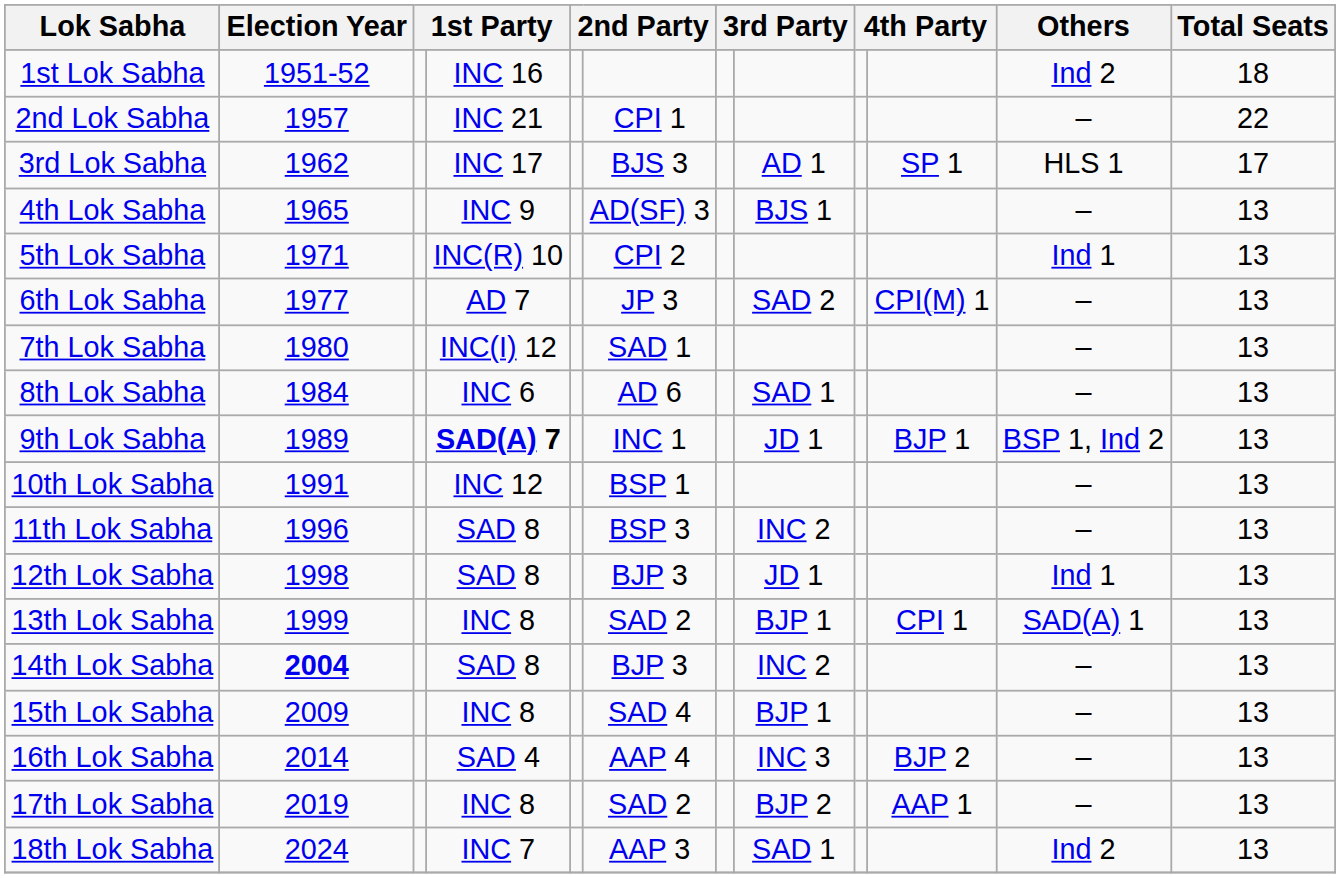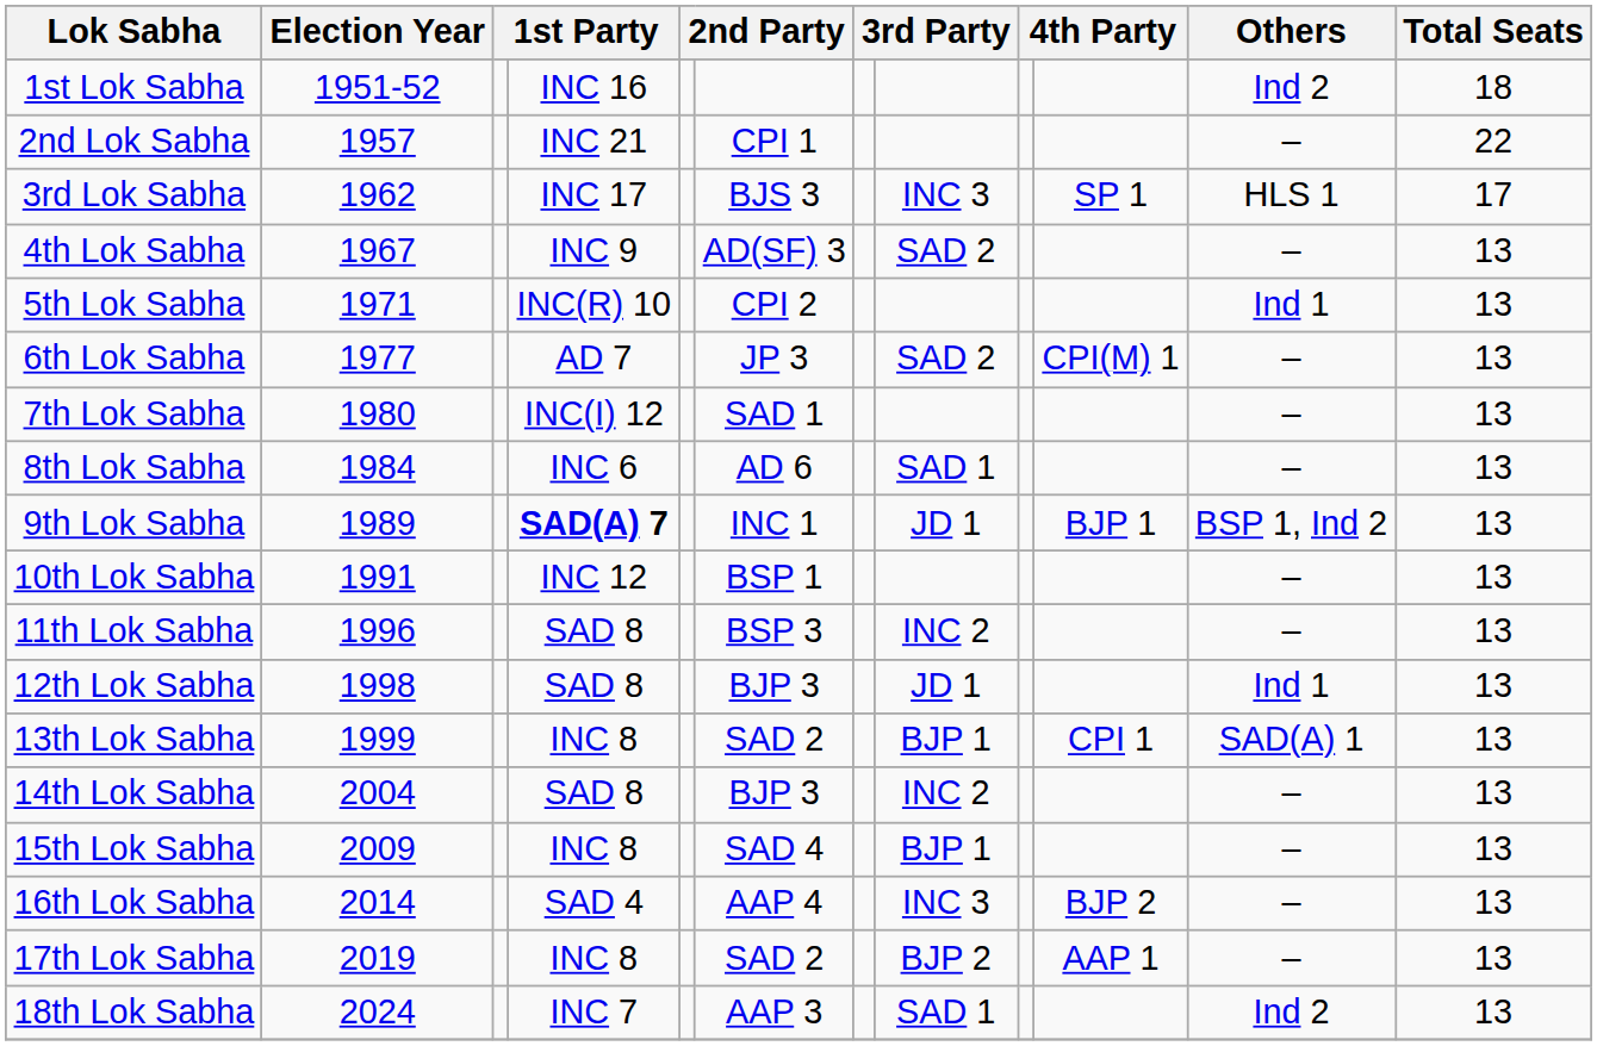 <table class="wikitable sortable" style="text-align:center">
 <tr>
 <th>Lok Sabha</th>
 <th>Election Year</th>
 <th colspan="2">1st Party</th>
 <th colspan="2">2nd Party</th>
 <th colspan="2">3rd Party</th>
 <th colspan="2">4th Party</th>
 <th>Others</th>
 <th>Total Seats</th>
 </tr>
 <tr>
 <td><a href='#'>1st Lok Sabha</a></td>
 <td><a href='#'>1951-52</a></td>
 <td style="background-color: "></td>
 <td><a href='#'>INC</a> 16</td>
 <td></td>
 <td></td>
 <td></td>
 <td></td>
 <td></td>
 <td></td>
 <td><a href='#'>Ind</a> 2</td>
 <td>18</td>
 </tr>
 <tr>
 <td><a href='#'>2nd Lok Sabha</a></td>
 <td><a href='#'>1957</a></td>
 <td style="background-color: "></td>
 <td><a href='#'>INC</a> 21</td>
 <td style="background-color:"></td>
 <td><a href='#'>CPI</a> 1</td>
 <td></td>
 <td></td>
 <td></td>
 <td></td>
 <td>–</td>
 <td>22</td>
 </tr>
 <tr>
 <td><a href='#'>3rd Lok Sabha</a></td>
 <td><a href='#'>1962</a></td>
 <td style="background-color: "></td>
 <td><a href='#'>INC</a> 17</td>
 <td style="background-color: "></td>
 <td><a href='#'>BJS</a> 3</td>
 <td style="background-color:"></td>
-<td><a href='#'>AD</a> 1</td>
+<td><a href='#'>INC</a> 3</td>
 <td style="background-color:"></td>
 <td><a href='#'>SP</a> 1</td>
 <td>HLS 1</td>
 <td>17</td>
 </tr>
 <tr>
 <td><a href='#'>4th Lok Sabha</a></td>
-<td><a href='#'>1965</a></td>
+<td><a href='#'>1967</a></td>
 <td style="background-color: "></td>
 <td><a href='#'>INC</a> 9</td>
 <td style="background-color:"></td>
 <td><a href='#'>AD(SF)</a> 3</td>
 <td style="background-color: "></td>
-<td><a href='#'>BJS</a> 1</td>
+<td><a href='#'>SAD</a> 2</td>
 <td></td>
 <td></td>
 <td>–</td>
 <td>13</td>
 </tr>
 <tr>
 <td><a href='#'>5th Lok Sabha</a></td>
 <td><a href='#'>1971</a></td>
 <td style="background-color: "></td>
 <td><a href='#'>INC(R)</a> 10</td>
 <td style="background-color:"></td>
 <td><a href='#'>CPI</a> 2</td>
 <td></td>
 <td></td>
 <td></td>
 <td></td>
 <td><a href='#'>Ind</a> 1</td>
 <td>13</td>
 </tr>
 <tr>
 <td><a href='#'>6th Lok Sabha</a></td>
 <td><a href='#'>1977</a></td>
 <td style="background-color:"></td>
 <td><a href='#'>AD</a> 7</td>
 <td style="background-color:"></td>
 <td><a href='#'>JP</a> 3</td>
 <td style="background-color:"></td>
 <td><a href='#'>SAD</a> 2</td>
 <td style="background-color:"></td>
 <td><a href='#'>CPI(M)</a> 1</td>
 <td>–</td>
 <td>13</td>
 </tr>
 <tr>
 <td><a href='#'>7th Lok Sabha</a></td>
 <td><a href='#'>1980</a></td>
 <td style="background-color: "></td>
 <td><a href='#'>INC(I)</a> 12</td>
 <td style="background-color:"></td>
 <td><a href='#'>SAD</a> 1</td>
 <td></td>
 <td></td>
 <td></td>
 <td></td>
 <td>–</td>
 <td>13</td>
 </tr>
 <tr>
 <td><a href='#'>8th Lok Sabha</a></td>
 <td><a href='#'>1984</a></td>
 <td style="background-color: "></td>
 <td><a href='#'>INC</a> 6</td>
 <td style="background-color:"></td>
 <td><a href='#'>AD</a> 6</td>
 <td style="background-color:"></td>
 <td><a href='#'>SAD</a> 1</td>
 <td></td>
 <td></td>
 <td>–</td>
 <td>13</td>
 </tr>
 <tr>
 <td><a href='#'>9th Lok Sabha</a></td>
 <td><a href='#'>1989</a></td>
 <td style="background-color: "></td>
 <td><strong><a href='#'>SAD(A)</a> 7</strong></td>
 <td style="background-color: "></td>
 <td><a href='#'>INC</a> 1</td>
 <td style="background-color:"></td>
 <td><a href='#'>JD</a> 1</td>
 <td style="background-color:"></td>
 <td><a href='#'>BJP</a> 1</td>
 <td><a href='#'>BSP</a> 1, <a href='#'>Ind</a> 2</td>
 <td>13</td>
 </tr>
 <tr>
 <td><a href='#'>10th Lok Sabha</a></td>
 <td><a href='#'>1991</a></td>
 <td style="background-color: "></td>
 <td><a href='#'>INC</a> 12</td>
 <td style="background-color:"></td>
 <td><a href='#'>BSP</a> 1</td>
 <td></td>
 <td></td>
 <td></td>
 <td></td>
 <td>–</td>
 <td>13</td>
 </tr>
 <tr>
 <td><a href='#'>11th Lok Sabha</a></td>
 <td><a href='#'>1996</a></td>
 <td style="background-color:"></td>
 <td><a href='#'>SAD</a> 8</td>
 <td style="background-color:"></td>
 <td><a href='#'>BSP</a> 3</td>
 <td style="background-color: "></td>
 <td><a href='#'>INC</a> 2</td>
 <td></td>
 <td></td>
 <td>–</td>
 <td>13</td>
 </tr>
 <tr>
 <td><a href='#'>12th Lok Sabha</a></td>
 <td><a href='#'>1998</a></td>
 <td style="background-color:"></td>
 <td><a href='#'>SAD</a> 8</td>
 <td style="background-color:"></td>
 <td><a href='#'>BJP</a> 3</td>
 <td style="background-color:"></td>
 <td><a href='#'>JD</a> 1</td>
 <td></td>
 <td></td>
 <td><a href='#'>Ind</a> 1</td>
 <td>13</td>
 </tr>
 <tr>
 <td><a href='#'>13th Lok Sabha</a></td>
 <td><a href='#'>1999</a></td>
 <td style="background-color: "></td>
 <td><a href='#'>INC</a> 8</td>
 <td style="background-color:"></td>
 <td><a href='#'>SAD</a> 2</td>
 <td style="background-color:"></td>
 <td><a href='#'>BJP</a> 1</td>
 <td style="background-color:"></td>
 <td><a href='#'>CPI</a> 1</td>
 <td><a href='#'>SAD(A)</a> 1</td>
 <td>13</td>
 </tr>
 <tr>
 <td><a href='#'>14th Lok Sabha</a></td>
-<td><strong><a href='#'>2004</a></strong></td>
+<td><a href='#'>2004</a></td>
 <td style="background-color:"></td>
 <td><a href='#'>SAD</a> 8</td>
 <td style="background-color:"></td>
 <td><a href='#'>BJP</a> 3</td>
 <td style="background-color: "></td>
 <td><a href='#'>INC</a> 2</td>
 <td></td>
 <td></td>
 <td>–</td>
 <td>13</td>
 </tr>
 <tr>
 <td><a href='#'>15th Lok Sabha</a></td>
 <td><a href='#'>2009</a></td>
 <td style="background-color: "></td>
 <td><a href='#'>INC</a> 8</td>
 <td style="background-color:"></td>
 <td><a href='#'>SAD</a> 4</td>
 <td style="background-color:"></td>
 <td><a href='#'>BJP</a> 1</td>
 <td></td>
 <td></td>
 <td>–</td>
 <td>13</td>
 </tr>
 <tr>
 <td><a href='#'>16th Lok Sabha</a></td>
 <td><a href='#'>2014</a></td>
 <td style="background-color:"></td>
 <td><a href='#'>SAD</a> 4</td>
 <td style="background-color:"></td>
 <td><a href='#'>AAP</a> 4</td>
 <td style="background-color: "></td>
 <td><a href='#'>INC</a> 3</td>
 <td style="background-color:"></td>
 <td><a href='#'>BJP</a> 2</td>
 <td>–</td>
 <td>13</td>
 </tr>
 <tr>
 <td><a href='#'>17th Lok Sabha</a></td>
 <td><a href='#'>2019</a></td>
 <td style="background-color: "></td>
 <td><a href='#'>INC</a> 8</td>
 <td style="background-color:"></td>
 <td><a href='#'>SAD</a> 2</td>
 <td style="background-color:"></td>
 <td><a href='#'>BJP</a> 2</td>
 <td style="background-color:"></td>
 <td><a href='#'>AAP</a> 1</td>
 <td>–</td>
 <td>13</td>
 </tr>
 <tr>
 <td><a href='#'>18th Lok Sabha</a></td>
 <td><a href='#'>2024</a></td>
 <td style="background-color: "></td>
 <td><a href='#'>INC</a> 7</td>
 <td style="background-color:"></td>
 <td><a href='#'>AAP</a> 3</td>
 <td style="background-color:"></td>
 <td><a href='#'>SAD</a> 1</td>
 <td></td>
 <td></td>
 <td><a href='#'>Ind</a> 2</td>
 <td>13</td>
 </tr>
 <tr>
 </tr>
 </table>
